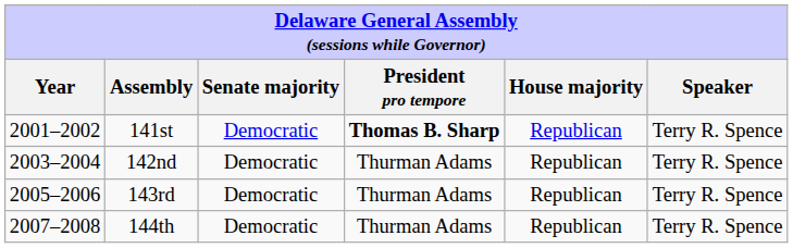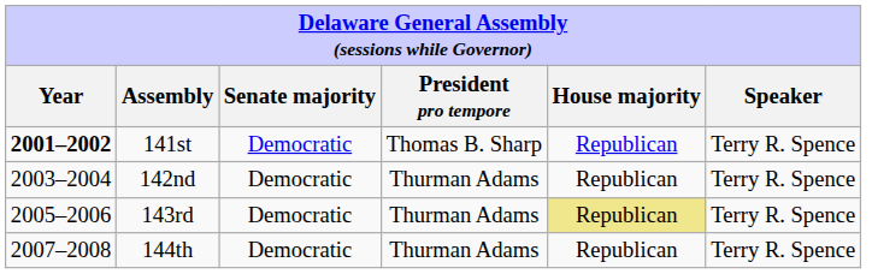 <table class=wikitable style="text-align: center" align="center">
 <tr bgcolor=#cccccc>
 <th colspan=12 style="background: #ccccff;"><strong><a href='#'>Delaware General Assembly</a></strong><br><small><em>(sessions while Governor)</em></small></th>
 </tr>
 <tr>
 <th>Year</th>
 <th>Assembly</th>
 <th>Senate majority</th>
 <th>President<br><em><small>pro tempore</small></em></th>
 <th>House majority</th>
 <th>Speaker</th>
 </tr>
 <tr>
-<td>2001–2002</td>
+<td><strong>2001–2002</strong></td>
 <td>141st</td>
 <td><a href='#'>Democratic</a></td>
-<td><strong>Thomas B. Sharp</strong></td>
+<td>Thomas B. Sharp</td>
 <td><a href='#'>Republican</a></td>
 <td>Terry R. Spence</td>
 </tr>
 <tr>
 <td>2003–2004</td>
 <td>142nd</td>
 <td>Democratic</td>
 <td>Thurman Adams</td>
 <td>Republican</td>
 <td>Terry R. Spence</td>
 </tr>
 <tr>
 <td>2005–2006</td>
 <td>143rd</td>
 <td>Democratic</td>
 <td>Thurman Adams</td>
-<td>Republican</td>
+<td style="background: khaki;">Republican</td>
 <td>Terry R. Spence</td>
 </tr>
 <tr>
 <td>2007–2008</td>
 <td>144th</td>
 <td>Democratic</td>
 <td>Thurman Adams</td>
 <td>Republican</td>
 <td>Terry R. Spence</td>
 </tr>
 </table>
